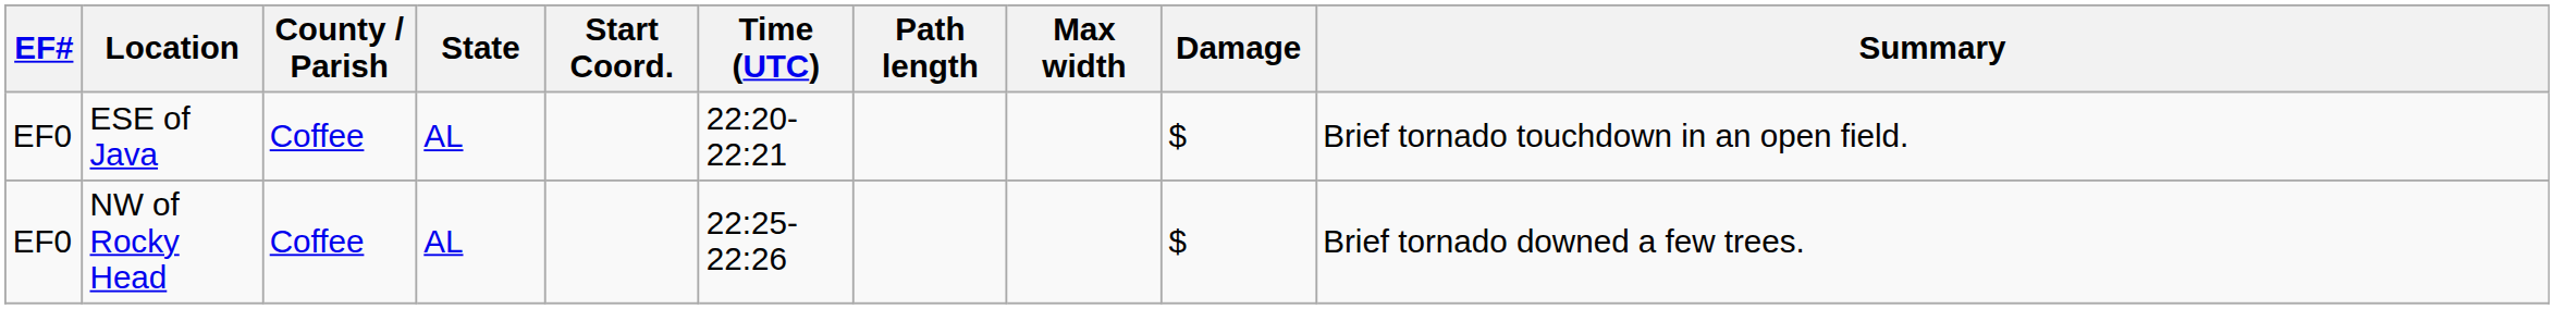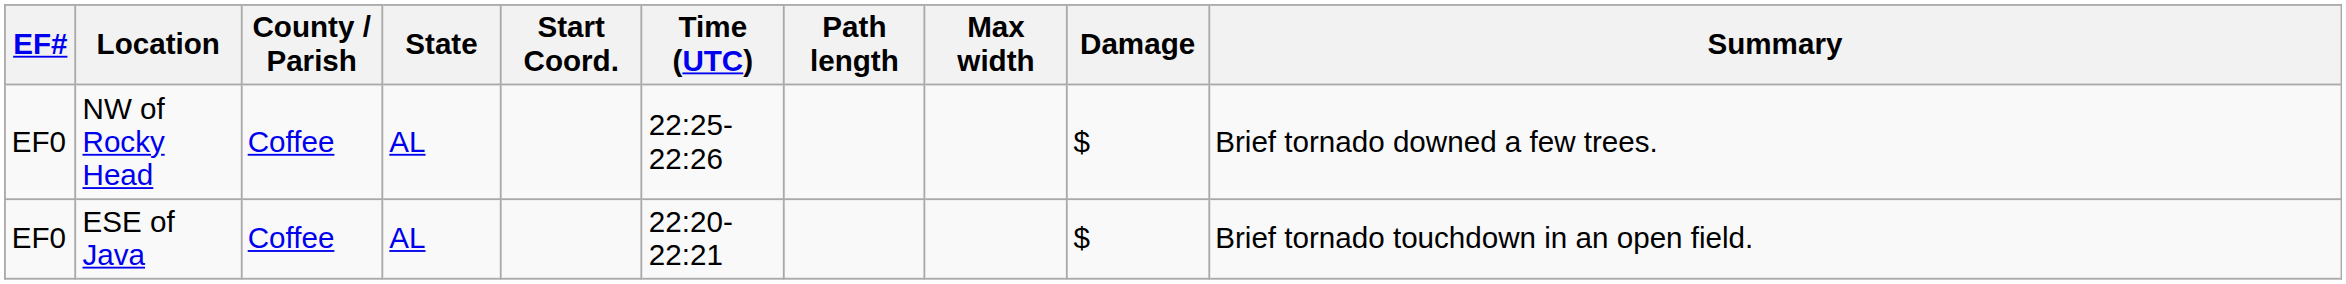 <table class="wikitable sortable" style="width:100%;">
 <tr>
 <th scope="col"  style="width:3%; text-align:center;"><a href='#'>EF#</a></th>
 <th scope="col"  style="width:7%; text-align:center;" class="unsortable">Location</th>
 <th scope="col"  style="width:6%; text-align:center;" class="unsortable">County / Parish</th>
 <th scope="col"  style="width:5%; text-align:center;">State</th>
 <th scope="col"  style="width:6%; text-align:center;">Start Coord.</th>
 <th scope="col"  style="width:6%; text-align:center;">Time (<a href='#'>UTC</a>)</th>
 <th scope="col"  style="width:6%; text-align:center;">Path length</th>
 <th scope="col"  style="width:6%; text-align:center;">Max width</th>
 <th scope="col"  style="width:6%; text-align:center;">Damage</th>
 <th scope="col" class="unsortable" style="width:48%; text-align:center;">Summary</th>
 </tr>
 <tr>
 <td>EF0</td>
+<td>NW of <a href='#'>Rocky Head</a></td>
+<td><a href='#'>Coffee</a></td>
+<td><a href='#'>AL</a></td>
+<td></td>
+<td>22:25-22:26</td>
+<td></td>
+<td></td>
+<td>$</td>
+<td>Brief tornado downed a few trees.</td>
+</tr>
+<tr>
+<td>EF0</td>
 <td>ESE of <a href='#'>Java</a></td>
 <td><a href='#'>Coffee</a></td>
 <td><a href='#'>AL</a></td>
 <td></td>
 <td>22:20-22:21</td>
 <td></td>
 <td></td>
 <td>$</td>
 <td>Brief tornado touchdown in an open field.</td>
 </tr>
-<tr>
-<td>EF0</td>
-<td>NW of <a href='#'>Rocky Head</a></td>
-<td><a href='#'>Coffee</a></td>
-<td><a href='#'>AL</a></td>
-<td></td>
-<td>22:25-22:26</td>
-<td></td>
-<td></td>
-<td>$</td>
-<td>Brief tornado downed a few trees.</td>
-</tr>
 </table>
